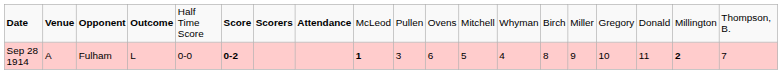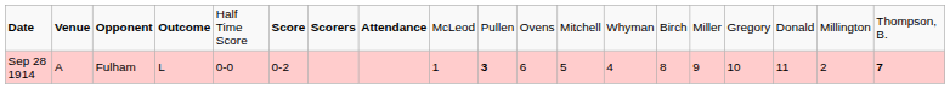 <table class="wikitable">
 <tr>
 <td><strong>Date</strong></td>
 <td><strong>Venue</strong></td>
 <td><strong>Opponent</strong></td>
 <td><strong>Outcome</strong></td>
 <td>Half Time Score</td>
 <td><strong>Score</strong></td>
 <td><strong>Scorers</strong></td>
 <td><strong>Attendance</strong></td>
 <td>McLeod</td>
 <td>Pullen</td>
 <td>Ovens</td>
 <td>Mitchell</td>
 <td>Whyman</td>
 <td>Birch</td>
 <td>Miller</td>
 <td>Gregory</td>
 <td>Donald</td>
 <td>Millington</td>
 <td>Thompson, B.</td>
 </tr>
 <tr bgcolor="#FFCCCC">
 <td>Sep 28 1914</td>
 <td>A</td>
 <td>Fulham</td>
 <td>L</td>
 <td>0-0</td>
-<td><strong>0-2</strong></td>
+<td>0-2</td>
 <td></td>
 <td></td>
-<td><strong>1</strong></td>
-<td>3</td>
+<td>1</td>
+<td><strong>3</strong></td>
 <td>6</td>
 <td>5</td>
 <td>4</td>
 <td>8</td>
 <td>9</td>
 <td>10</td>
 <td>11</td>
-<td><strong>2</strong></td>
-<td>7</td>
+<td>2</td>
+<td><strong>7</strong></td>
 </tr>
 </table>
